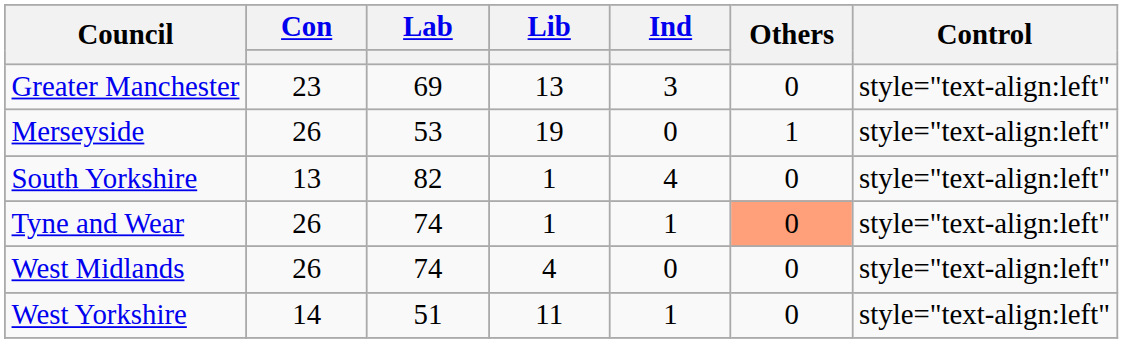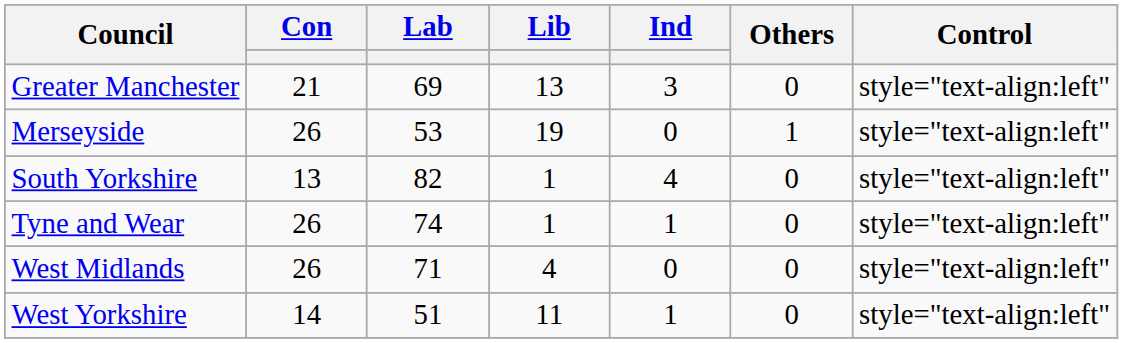 <table class="wikitable" style="text-align:center;">
 <tr>
 <th rowspan=2>Council</th>
 <th style="width:60px;"><a href='#'>Con</a></th>
 <th style="width:60px;"><a href='#'>Lab</a></th>
 <th style="width:60px;"><a href='#'>Lib</a></th>
 <th style="width:60px;"><a href='#'>Ind</a></th>
 <th style="width:60px;" rowspan=2>Others</th>
 <th rowspan=2 colspan=2>Control</th>
 </tr>
 <tr>
 <th style="background:"></th>
 <th style="background:"></th>
 <th style="background:"></th>
 <th style="background:"></th>
 </tr>
 <tr>
 <td style="text-align:left"><a href='#'>Greater Manchester</a></td>
-<td>23</td>
+<td>21</td>
 <td>69</td>
 <td>13</td>
 <td>3</td>
 <td>0</td>
 <td>style="text-align:left" </td>
 </tr>
 <tr>
 <td style="text-align:left"><a href='#'>Merseyside</a></td>
 <td>26</td>
 <td>53</td>
 <td>19</td>
 <td>0</td>
 <td>1</td>
 <td>style="text-align:left" </td>
 </tr>
 <tr>
 <td style="text-align:left"><a href='#'>South Yorkshire</a></td>
 <td>13</td>
 <td>82</td>
 <td>1</td>
 <td>4</td>
 <td>0</td>
 <td>style="text-align:left" </td>
 </tr>
 <tr>
 <td style="text-align:left"><a href='#'>Tyne and Wear</a></td>
 <td>26</td>
 <td>74</td>
 <td>1</td>
 <td>1</td>
-<td style="background: lightsalmon;">0</td>
+<td>0</td>
 <td>style="text-align:left" </td>
 </tr>
 <tr>
 <td style="text-align:left"><a href='#'>West Midlands</a></td>
 <td>26</td>
-<td>74</td>
+<td>71</td>
 <td>4</td>
 <td>0</td>
 <td>0</td>
 <td>style="text-align:left" </td>
 </tr>
 <tr>
 <td style="text-align:left"><a href='#'>West Yorkshire</a></td>
 <td>14</td>
 <td>51</td>
 <td>11</td>
 <td>1</td>
 <td>0</td>
 <td>style="text-align:left" </td>
 </tr>
 </table>
